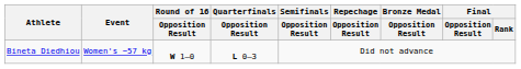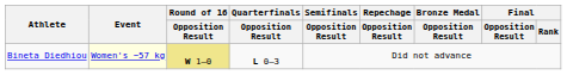 <table class="wikitable" style="font-size:90%">
 <tr>
 <th rowspan="2">Athlete</th>
 <th rowspan="2">Event</th>
 <th>Round of 16</th>
 <th>Quarterfinals</th>
 <th>Semifinals</th>
 <th>Repechage</th>
 <th>Bronze Medal</th>
 <th colspan=2>Final</th>
 </tr>
 <tr style="font-size:95%">
 <th>Opposition<br>Result</th>
 <th>Opposition<br>Result</th>
 <th>Opposition<br>Result</th>
 <th>Opposition<br>Result</th>
 <th>Opposition<br>Result</th>
 <th>Opposition<br>Result</th>
 <th>Rank</th>
 </tr>
 <tr align=center>
 <td align=left><a href='#'>Bineta Diedhiou</a></td>
-<td align=left><a href='#'>Women's −57 kg</a></td>
-<td><br><strong>W</strong> 1–0</td>
+<td align=left style="background: lightyellow;"><a href='#'>Women's −57 kg</a></td>
+<td style="background: khaki;"><br><strong>W</strong> 1–0</td>
 <td><br><strong>L</strong> 0–3</td>
 <td colspan=5>Did not advance</td>
 </tr>
 </table>
